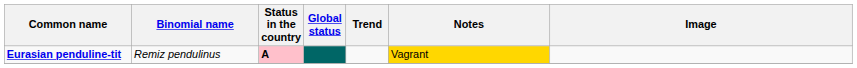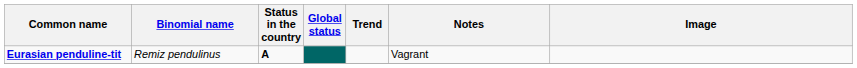 <table class="wikitable sortable">
 <tr>
 <th width="15%">Common name</th>
 <th width="15%"><a href='#'>Binomial name</a></th>
 <th data-sort-type="number" width="1%">Status in the country</th>
 <th width="5%"><a href='#'>Global status</a></th>
 <th width="5%">Trend</th>
 <th width="19%">Notes</th>
 <th class="unsortable">Image</th>
 </tr>
 <tr>
 <td><strong><a href='#'>Eurasian penduline-tit</a></strong></td>
 <td><em>Remiz pendulinus</em></td>
-<td style="background: pink;"><strong>A</strong></td>
+<td><strong>A</strong></td>
 <td align=center style="background: #006666"></td>
 <td align=center></td>
-<td style="background: gold;">Vagrant</td>
+<td>Vagrant</td>
 <td></td>
 </tr>
 <tr>
 </tr>
 </table>
